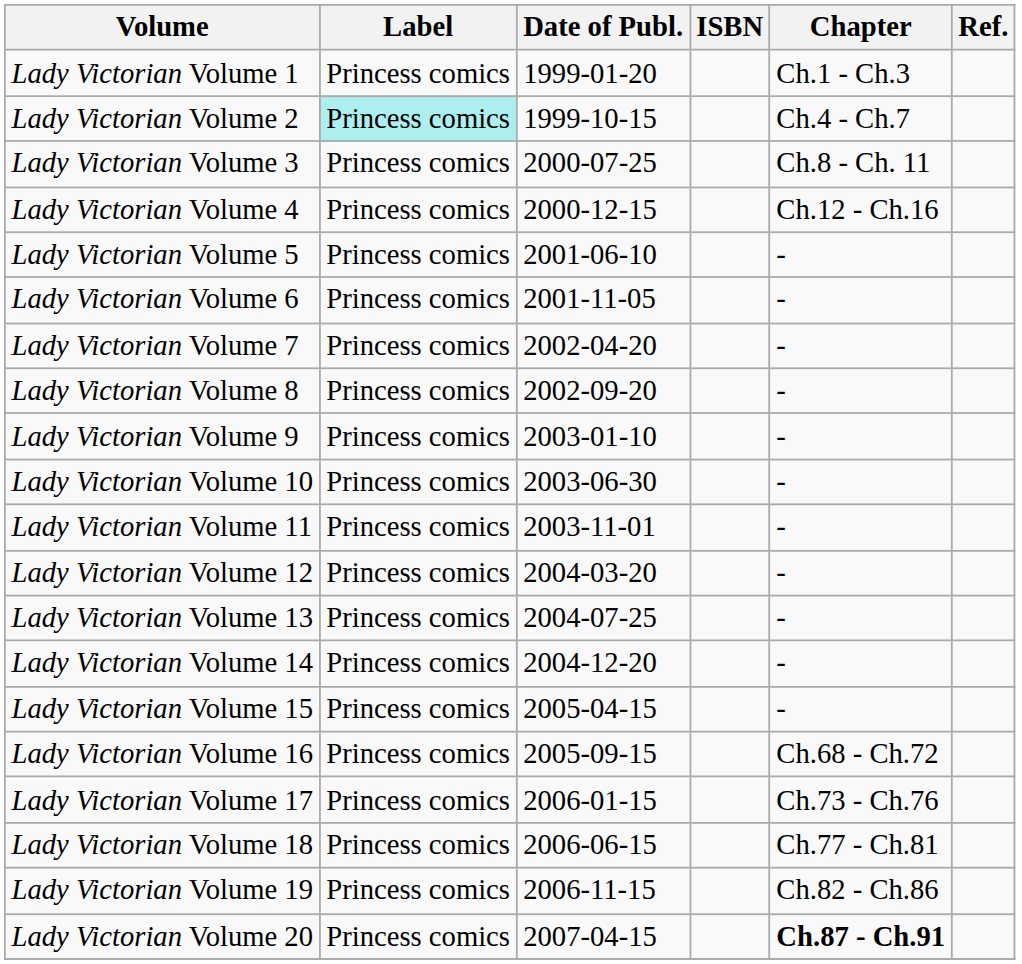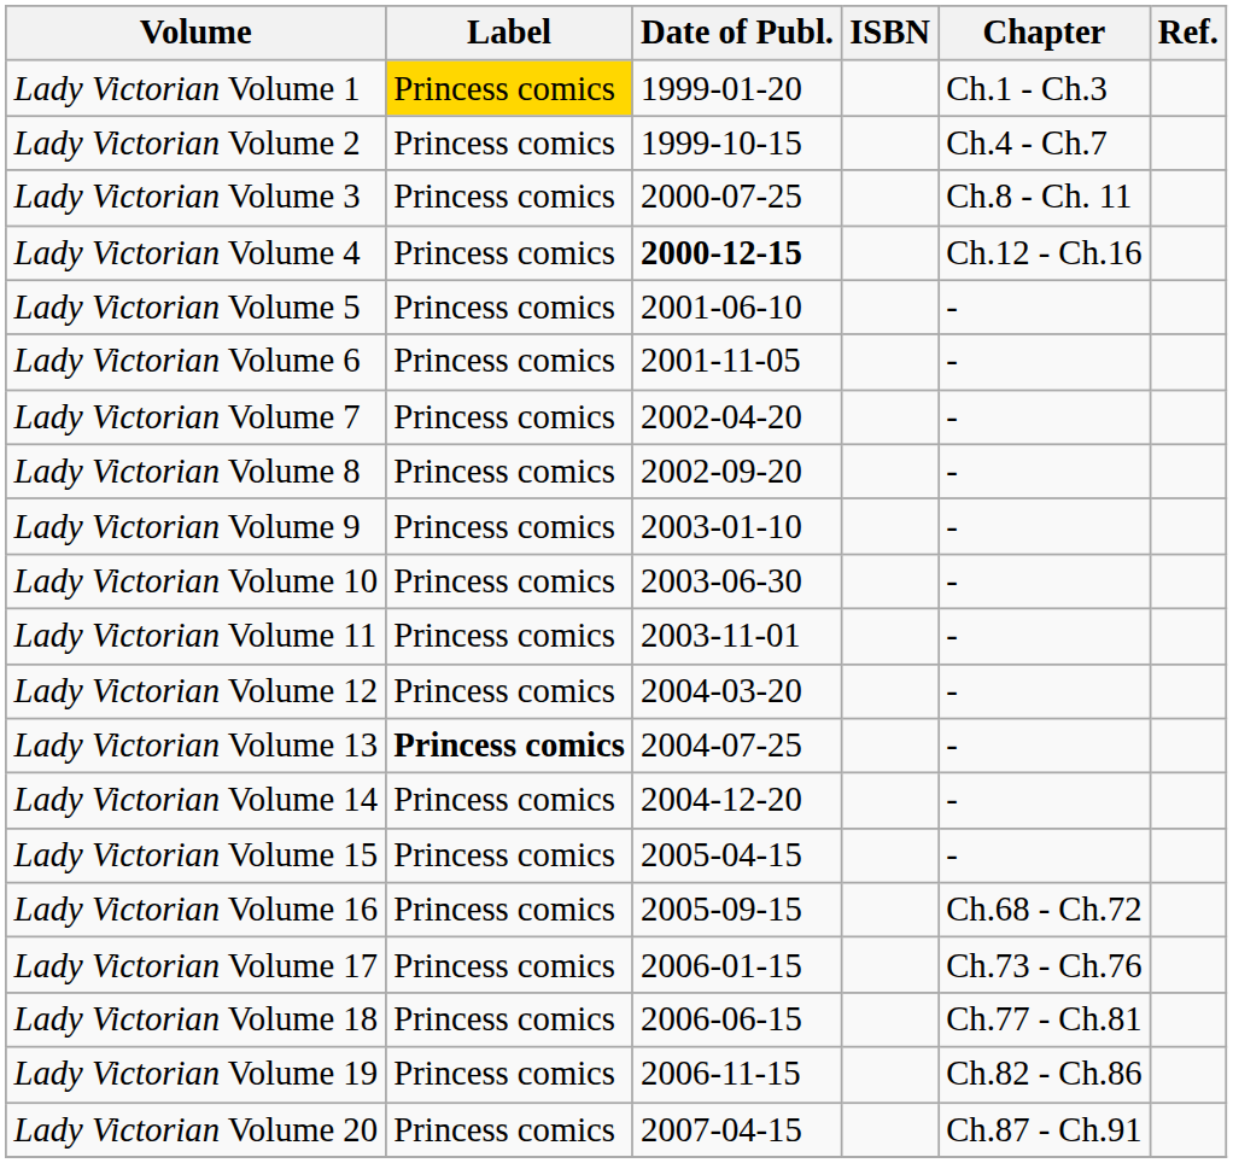 <table class="wikitable">
 <tr>
 <th>Volume</th>
 <th>Label</th>
 <th>Date of Publ.</th>
 <th>ISBN</th>
 <th>Chapter</th>
 <th>Ref.</th>
 </tr>
 <tr>
 <td><em>Lady Victorian</em> Volume 1</td>
-<td>Princess comics</td>
+<td style="background: gold;">Princess comics</td>
 <td>1999-01-20</td>
 <td></td>
 <td>Ch.1 - Ch.3</td>
 <td></td>
 </tr>
 <tr>
 <td><em>Lady Victorian</em> Volume 2</td>
-<td style="background: paleturquoise;">Princess comics</td>
+<td>Princess comics</td>
 <td>1999-10-15</td>
 <td></td>
 <td>Ch.4 - Ch.7</td>
 <td></td>
 </tr>
 <tr>
 <td><em>Lady Victorian</em> Volume 3</td>
 <td>Princess comics</td>
 <td>2000-07-25</td>
 <td></td>
 <td>Ch.8 - Ch. 11</td>
 <td></td>
 </tr>
 <tr>
 <td><em>Lady Victorian</em> Volume 4</td>
 <td>Princess comics</td>
-<td>2000-12-15</td>
+<td><strong>2000-12-15</strong></td>
 <td></td>
 <td>Ch.12 - Ch.16</td>
 <td></td>
 </tr>
 <tr>
 <td><em>Lady Victorian</em> Volume 5</td>
 <td>Princess comics</td>
 <td>2001-06-10</td>
 <td></td>
 <td>-</td>
 <td></td>
 </tr>
 <tr>
 <td><em>Lady Victorian</em> Volume 6</td>
 <td>Princess comics</td>
 <td>2001-11-05</td>
 <td></td>
 <td>-</td>
 <td></td>
 </tr>
 <tr>
 <td><em>Lady Victorian</em> Volume 7</td>
 <td>Princess comics</td>
 <td>2002-04-20</td>
 <td></td>
 <td>-</td>
 <td></td>
 </tr>
 <tr>
 <td><em>Lady Victorian</em> Volume 8</td>
 <td>Princess comics</td>
 <td>2002-09-20</td>
 <td></td>
 <td>-</td>
 <td></td>
 </tr>
 <tr>
 <td><em>Lady Victorian</em> Volume 9</td>
 <td>Princess comics</td>
 <td>2003-01-10</td>
 <td></td>
 <td>-</td>
 <td></td>
 </tr>
 <tr>
 <td><em>Lady Victorian</em> Volume 10</td>
 <td>Princess comics</td>
 <td>2003-06-30</td>
 <td></td>
 <td>-</td>
 <td></td>
 </tr>
 <tr>
 <td><em>Lady Victorian</em> Volume 11</td>
 <td>Princess comics</td>
 <td>2003-11-01</td>
 <td></td>
 <td>-</td>
 <td></td>
 </tr>
 <tr>
 <td><em>Lady Victorian</em> Volume 12</td>
 <td>Princess comics</td>
 <td>2004-03-20</td>
 <td></td>
 <td>-</td>
 <td></td>
 </tr>
 <tr>
 <td><em>Lady Victorian</em> Volume 13</td>
-<td>Princess comics</td>
+<td><strong>Princess comics</strong></td>
 <td>2004-07-25</td>
 <td></td>
 <td>-</td>
 <td></td>
 </tr>
 <tr>
 <td><em>Lady Victorian</em> Volume 14</td>
 <td>Princess comics</td>
 <td>2004-12-20</td>
 <td></td>
 <td>-</td>
 <td></td>
 </tr>
 <tr>
 <td><em>Lady Victorian</em> Volume 15</td>
 <td>Princess comics</td>
 <td>2005-04-15</td>
 <td></td>
 <td>-</td>
 <td></td>
 </tr>
 <tr>
 <td><em>Lady Victorian</em> Volume 16</td>
 <td>Princess comics</td>
 <td>2005-09-15</td>
 <td></td>
 <td>Ch.68 - Ch.72</td>
 <td></td>
 </tr>
 <tr>
 <td><em>Lady Victorian</em> Volume 17</td>
 <td>Princess comics</td>
 <td>2006-01-15</td>
 <td></td>
 <td>Ch.73 - Ch.76</td>
 <td></td>
 </tr>
 <tr>
 <td><em>Lady Victorian</em> Volume 18</td>
 <td>Princess comics</td>
 <td>2006-06-15</td>
 <td></td>
 <td>Ch.77 - Ch.81</td>
 <td></td>
 </tr>
 <tr>
 <td><em>Lady Victorian</em> Volume 19</td>
 <td>Princess comics</td>
 <td>2006-11-15</td>
 <td></td>
 <td>Ch.82 - Ch.86</td>
 <td></td>
 </tr>
 <tr>
 <td><em>Lady Victorian</em> Volume 20</td>
 <td>Princess comics</td>
 <td>2007-04-15</td>
 <td></td>
-<td><strong>Ch.87 - Ch.91</strong></td>
+<td>Ch.87 - Ch.91</td>
 <td></td>
 </tr>
 <tr>
 </tr>
 </table>
